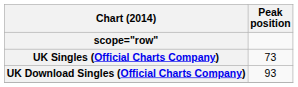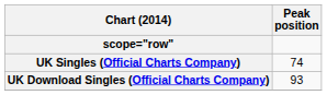 <table class="wikitable sortable plainrowheaders">
 <tr>
 <th>Chart (2014)</th>
 <th>Peak<br>position</th>
 </tr>
 <tr>
 <th>scope="row" </th>
 </tr>
 <tr>
 <th scope="row">UK Singles (<a href='#'>Official Charts Company</a>)</th>
-<td style="text-align:center;">73</td>
+<td style="text-align:center;">74</td>
 </tr>
 <tr>
 <th scope="row">UK Download Singles (<a href='#'>Official Charts Company</a>)</th>
 <td style="text-align:center;">93</td>
 </tr>
 <tr>
 </tr>
 </table>
